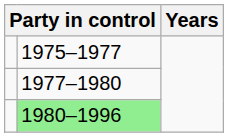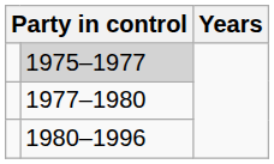 <table class="wikitable">
 <tr>
 <th colspan="2">Party in control</th>
 <th>Years</th>
 </tr>
 <tr>
 <td></td>
-<td>1975–1977</td>
+<td style="background: lightgrey;">1975–1977</td>
 </tr>
 <tr>
 <td></td>
 <td>1977–1980</td>
 </tr>
 <tr>
 <td></td>
-<td style="background: lightgreen;">1980–1996</td>
+<td>1980–1996</td>
 </tr>
 </table>
